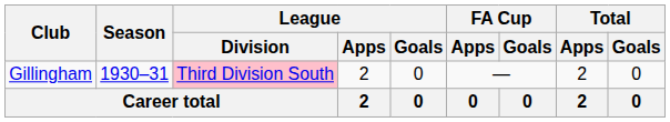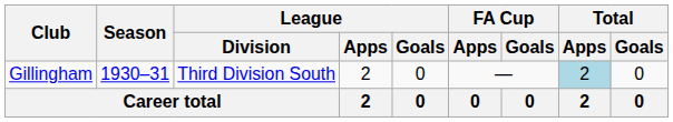 <table class="wikitable" style="text-align: center;">
 <tr>
 <th rowspan="2">Club</th>
 <th rowspan="2">Season</th>
 <th colspan="3">League</th>
 <th colspan="2">FA Cup</th>
 <th colspan="2">Total</th>
 </tr>
 <tr>
 <th>Division</th>
 <th>Apps</th>
 <th>Goals</th>
 <th>Apps</th>
 <th>Goals</th>
 <th>Apps</th>
 <th>Goals</th>
 </tr>
 <tr>
 <td><a href='#'>Gillingham</a></td>
 <td><a href='#'>1930–31</a></td>
-<td style="background: pink;"><a href='#'>Third Division South</a></td>
+<td><a href='#'>Third Division South</a></td>
 <td>2</td>
 <td>0</td>
 <td colspan="2">―</td>
-<td>2</td>
+<td style="background: lightblue;">2</td>
 <td>0</td>
 </tr>
 <tr>
 <th colspan="3">Career total</th>
 <th>2</th>
 <th>0</th>
 <th>0</th>
 <th>0</th>
 <th>2</th>
 <th>0</th>
 </tr>
 </table>
